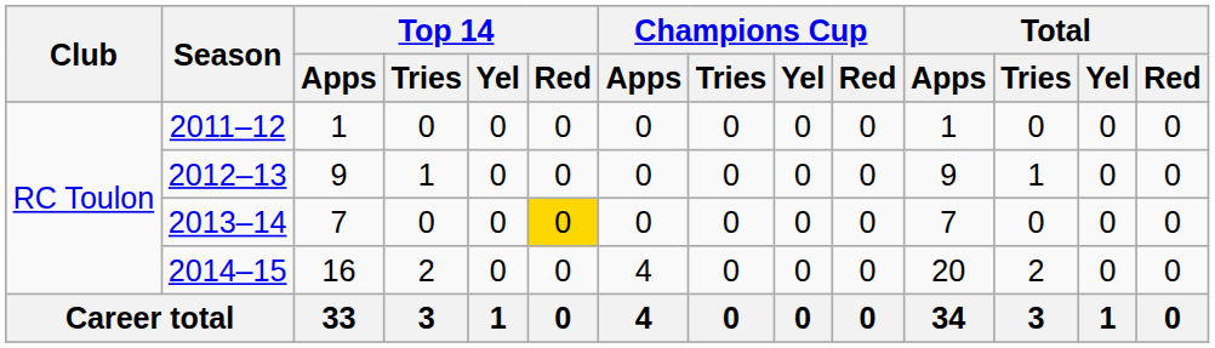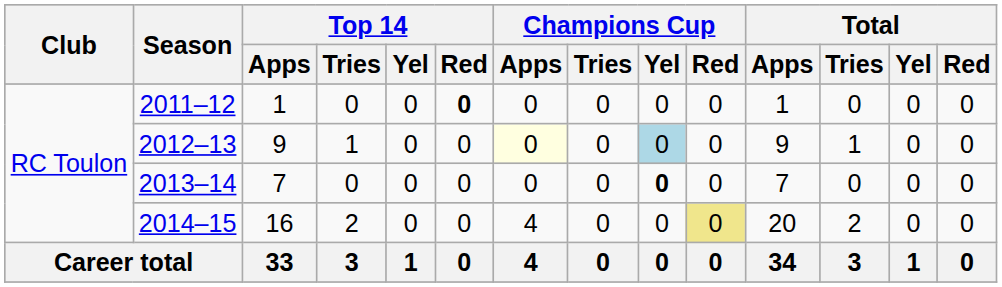 <table class="wikitable" style="font-size:95%; text-align:center">
 <tr>
 <th rowspan="2">Club</th>
 <th rowspan="2">Season</th>
 <th colspan="4"><a href='#'>Top 14</a></th>
 <th colspan="4"><a href='#'>Champions Cup</a></th>
 <th colspan="4">Total</th>
 </tr>
 <tr>
 <th>Apps</th>
 <th>Tries</th>
 <th>Yel</th>
 <th>Red</th>
 <th>Apps</th>
 <th>Tries</th>
 <th>Yel</th>
 <th>Red</th>
 <th>Apps</th>
 <th>Tries</th>
 <th>Yel</th>
 <th>Red</th>
 </tr>
 <tr>
 <td rowspan="4"><a href='#'>RC Toulon</a></td>
 <td><a href='#'>2011–12</a></td>
 <td>1</td>
 <td>0</td>
 <td>0</td>
-<td>0</td>
+<td><strong>0</strong></td>
 <td>0</td>
 <td>0</td>
 <td>0</td>
 <td>0</td>
 <td>1</td>
 <td>0</td>
 <td>0</td>
 <td>0</td>
 </tr>
 <tr>
 <td><a href='#'>2012–13</a></td>
 <td>9</td>
 <td>1</td>
 <td>0</td>
 <td>0</td>
+<td style="background: lightyellow;">0</td>
 <td>0</td>
-<td>0</td>
-<td>0</td>
+<td style="background: lightblue;">0</td>
 <td>0</td>
 <td>9</td>
 <td>1</td>
 <td>0</td>
 <td>0</td>
 </tr>
 <tr>
 <td><a href='#'>2013–14</a></td>
 <td>7</td>
 <td>0</td>
 <td>0</td>
-<td style="background: gold;">0</td>
 <td>0</td>
 <td>0</td>
 <td>0</td>
+<td><strong>0</strong></td>
 <td>0</td>
 <td>7</td>
 <td>0</td>
 <td>0</td>
 <td>0</td>
 </tr>
 <tr>
 <td><a href='#'>2014–15</a></td>
 <td>16</td>
 <td>2</td>
 <td>0</td>
 <td>0</td>
 <td>4</td>
 <td>0</td>
 <td>0</td>
-<td>0</td>
+<td style="background: khaki;">0</td>
 <td>20</td>
 <td>2</td>
 <td>0</td>
 <td>0</td>
 </tr>
 <tr>
 <th colspan="2">Career total</th>
 <th>33</th>
 <th>3</th>
 <th>1</th>
 <th>0</th>
 <th>4</th>
 <th>0</th>
 <th>0</th>
 <th>0</th>
 <th>34</th>
 <th>3</th>
 <th>1</th>
 <th>0</th>
 </tr>
 </table>
